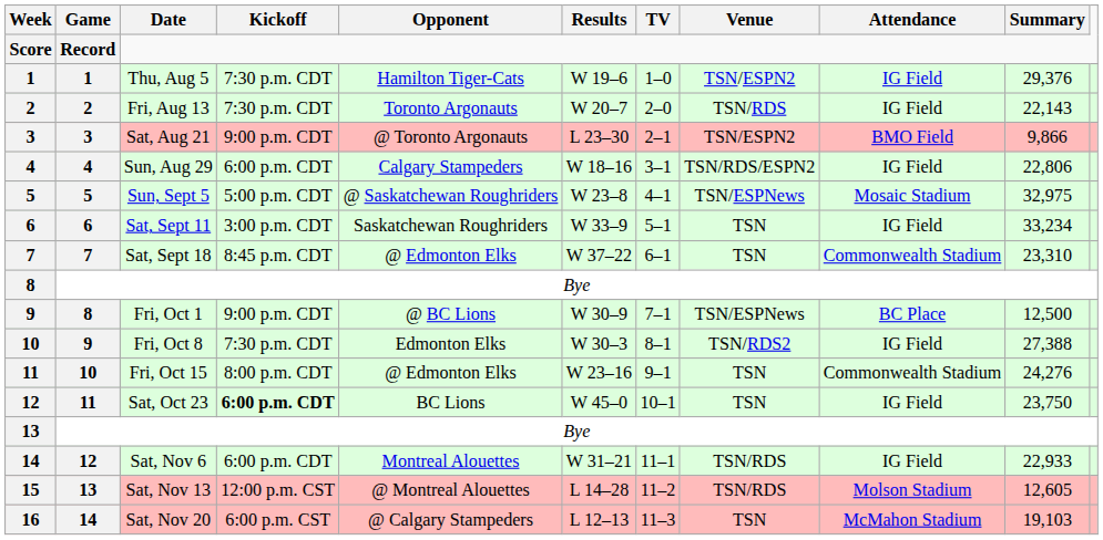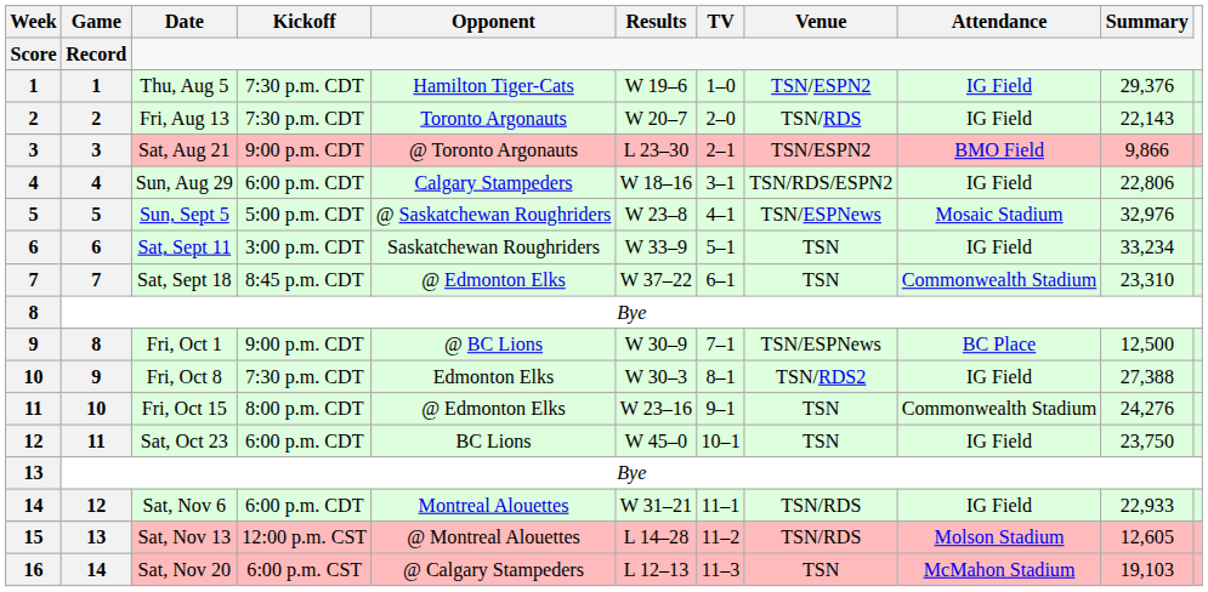 <table class="wikitable" style="font-size: 95%;">
 <tr>
 <th scope="col">Week</th>
 <th scope="col">Game</th>
 <th scope="col">Date</th>
 <th scope="col">Kickoff</th>
 <th scope="col">Opponent</th>
 <th scope="col">Results</th>
 <th scope="col">TV</th>
 <th scope="col">Venue</th>
 <th scope="col">Attendance</th>
 <th scope="col">Summary</th>
 </tr>
 <tr>
 <th scope="col">Score</th>
 <th scope="col">Record</th>
 </tr>
 <tr align="center" bgcolor="ddffdd">
 <th align="center">1</th>
 <th align="center">1</th>
 <td align="center">Thu, Aug 5</td>
 <td align="center">7:30 p.m. CDT</td>
 <td align="center"><a href='#'>Hamilton Tiger-Cats</a></td>
 <td align="center">W 19–6</td>
 <td align="center">1–0</td>
 <td align="center"><a href='#'>TSN</a>/<a href='#'>ESPN2</a></td>
 <td align="center"><a href='#'>IG Field</a></td>
 <td align="center">29,376</td>
 <td align="center"></td>
 </tr>
 <tr align="center"= bgcolor="ddffdd">
 <th align="center">2</th>
 <th align="center">2</th>
 <td align="center">Fri, Aug 13</td>
 <td align="center">7:30 p.m. CDT</td>
 <td align="center"><a href='#'>Toronto Argonauts</a></td>
 <td align="center">W 20–7</td>
 <td align="center">2–0</td>
 <td align="center">TSN/<a href='#'>RDS</a></td>
 <td align="center">IG Field</td>
 <td align="center">22,143</td>
 <td align="center"></td>
 </tr>
 <tr align="center"= bgcolor="ffbbbb">
 <th align="center">3</th>
 <th align="center">3</th>
 <td align="center">Sat, Aug 21</td>
 <td align="center">9:00 p.m. CDT</td>
 <td align="center">@ Toronto Argonauts</td>
 <td align="center">L 23–30</td>
 <td align="center">2–1</td>
 <td align="center">TSN/ESPN2</td>
 <td align="center"><a href='#'>BMO Field</a></td>
 <td align="center">9,866</td>
 <td align="center"></td>
 </tr>
 <tr align="center"= bgcolor="ddffdd">
 <th align="center">4</th>
 <th align="center">4</th>
 <td align="center">Sun, Aug 29</td>
 <td align="center">6:00 p.m. CDT</td>
 <td align="center"><a href='#'>Calgary Stampeders</a></td>
 <td align="center">W 18–16</td>
 <td align="center">3–1</td>
 <td align="center">TSN/RDS/ESPN2</td>
 <td align="center">IG Field</td>
 <td align="center">22,806</td>
 <td align="center"></td>
 </tr>
 <tr align="center"= bgcolor="ddffdd">
 <th align="center">5</th>
 <th align="center">5</th>
 <td align="center"><a href='#'>Sun, Sept 5</a></td>
 <td align="center">5:00 p.m. CDT</td>
 <td align="center">@ <a href='#'>Saskatchewan Roughriders</a></td>
 <td align="center">W 23–8</td>
 <td align="center">4–1</td>
 <td align="center">TSN/<a href='#'>ESPNews</a></td>
 <td align="center"><a href='#'>Mosaic Stadium</a></td>
-<td align="center">32,975</td>
+<td align="center">32,976</td>
 <td align="center"></td>
 </tr>
 <tr align="center"= bgcolor="ddffdd">
 <th align="center">6</th>
 <th align="center">6</th>
 <td align="center"><a href='#'>Sat, Sept 11</a></td>
 <td align="center">3:00 p.m. CDT</td>
 <td align="center">Saskatchewan Roughriders</td>
 <td align="center">W 33–9</td>
 <td align="center">5–1</td>
 <td align="center">TSN</td>
 <td align="center">IG Field</td>
 <td align="center">33,234</td>
 <td align="center"></td>
 </tr>
 <tr align="center"= bgcolor="ddffdd">
 <th align="center">7</th>
 <th align="center">7</th>
 <td align="center">Sat, Sept 18</td>
 <td align="center">8:45 p.m. CDT</td>
 <td align="center">@ <a href='#'>Edmonton Elks</a></td>
 <td align="center">W 37–22</td>
 <td align="center">6–1</td>
 <td align="center">TSN</td>
 <td align="center"><a href='#'>Commonwealth Stadium</a></td>
 <td align="center">23,310</td>
 <td align="center"></td>
 </tr>
 <tr align="center"= bgcolor="ffffff">
 <th align="center">8</th>
 <td colspan=10 align="center" valign="middle"><em>Bye</em></td>
 </tr>
 <tr align="center"= bgcolor="ddffdd">
 <th align="center">9</th>
 <th align="center">8</th>
 <td align="center">Fri, Oct 1</td>
 <td align="center">9:00 p.m. CDT</td>
 <td align="center">@ <a href='#'>BC Lions</a></td>
 <td align="center">W 30–9</td>
 <td align="center">7–1</td>
 <td align="center">TSN/ESPNews</td>
 <td align="center"><a href='#'>BC Place</a></td>
 <td align="center">12,500</td>
 <td align="center"></td>
 </tr>
 <tr align="center"= bgcolor="ddffdd">
 <th align="center">10</th>
 <th align="center">9</th>
 <td align="center">Fri, Oct 8</td>
 <td align="center">7:30 p.m. CDT</td>
 <td align="center">Edmonton Elks</td>
 <td align="center">W 30–3</td>
 <td align="center">8–1</td>
 <td align="center">TSN/<a href='#'>RDS2</a></td>
 <td align="center">IG Field</td>
 <td align="center">27,388</td>
 <td align="center"></td>
 </tr>
 <tr align="center"= bgcolor="ddffdd">
 <th align="center">11</th>
 <th align="center">10</th>
 <td align="center">Fri, Oct 15</td>
 <td align="center">8:00 p.m. CDT</td>
 <td align="center">@ Edmonton Elks</td>
 <td align="center">W 23–16</td>
 <td align="center">9–1</td>
 <td align="center">TSN</td>
 <td align="center">Commonwealth Stadium</td>
 <td align="center">24,276</td>
 <td align="center"></td>
 </tr>
 <tr align="center"= bgcolor="ddffdd">
 <th align="center">12</th>
 <th align="center">11</th>
 <td align="center">Sat, Oct 23</td>
-<td align="center"><strong>6:00 p.m. CDT</strong></td>
+<td align="center">6:00 p.m. CDT</td>
 <td align="center">BC Lions</td>
 <td align="center">W 45–0</td>
 <td align="center">10–1</td>
 <td align="center">TSN</td>
 <td align="center">IG Field</td>
 <td align="center">23,750</td>
 <td align="center"></td>
 </tr>
 <tr align="center"= bgcolor="ffffff">
 <th align="center">13</th>
 <td colspan=10 align="center" valign="middle"><em>Bye</em></td>
 </tr>
 <tr align="center"= bgcolor="ddffdd">
 <th align="center">14</th>
 <th align="center">12</th>
 <td align="center">Sat, Nov 6</td>
 <td align="center">6:00 p.m. CDT</td>
 <td align="center"><a href='#'>Montreal Alouettes</a></td>
 <td align="center">W 31–21</td>
 <td align="center">11–1</td>
 <td align="center">TSN/RDS</td>
 <td align="center">IG Field</td>
 <td align="center">22,933</td>
 <td align="center"></td>
 </tr>
 <tr align="center"= bgcolor="ffbbbb">
 <th align="center">15</th>
 <th align="center">13</th>
 <td align="center">Sat, Nov 13</td>
 <td align="center">12:00 p.m. CST</td>
 <td align="center">@ Montreal Alouettes</td>
 <td align="center">L 14–28</td>
 <td align="center">11–2</td>
 <td align="center">TSN/RDS</td>
 <td align="center"><a href='#'>Molson Stadium</a></td>
 <td align="center">12,605</td>
 <td align="center"></td>
 </tr>
 <tr align="center"= bgcolor="ffbbbb">
 <th align="center">16</th>
 <th align="center">14</th>
 <td align="center">Sat, Nov 20</td>
 <td align="center">6:00 p.m. CST</td>
 <td align="center">@ Calgary Stampeders</td>
 <td align="center">L 12–13</td>
 <td align="center">11–3</td>
 <td align="center">TSN</td>
 <td align="center"><a href='#'>McMahon Stadium</a></td>
 <td align="center">19,103</td>
 <td align="center"></td>
 </tr>
 </table>
